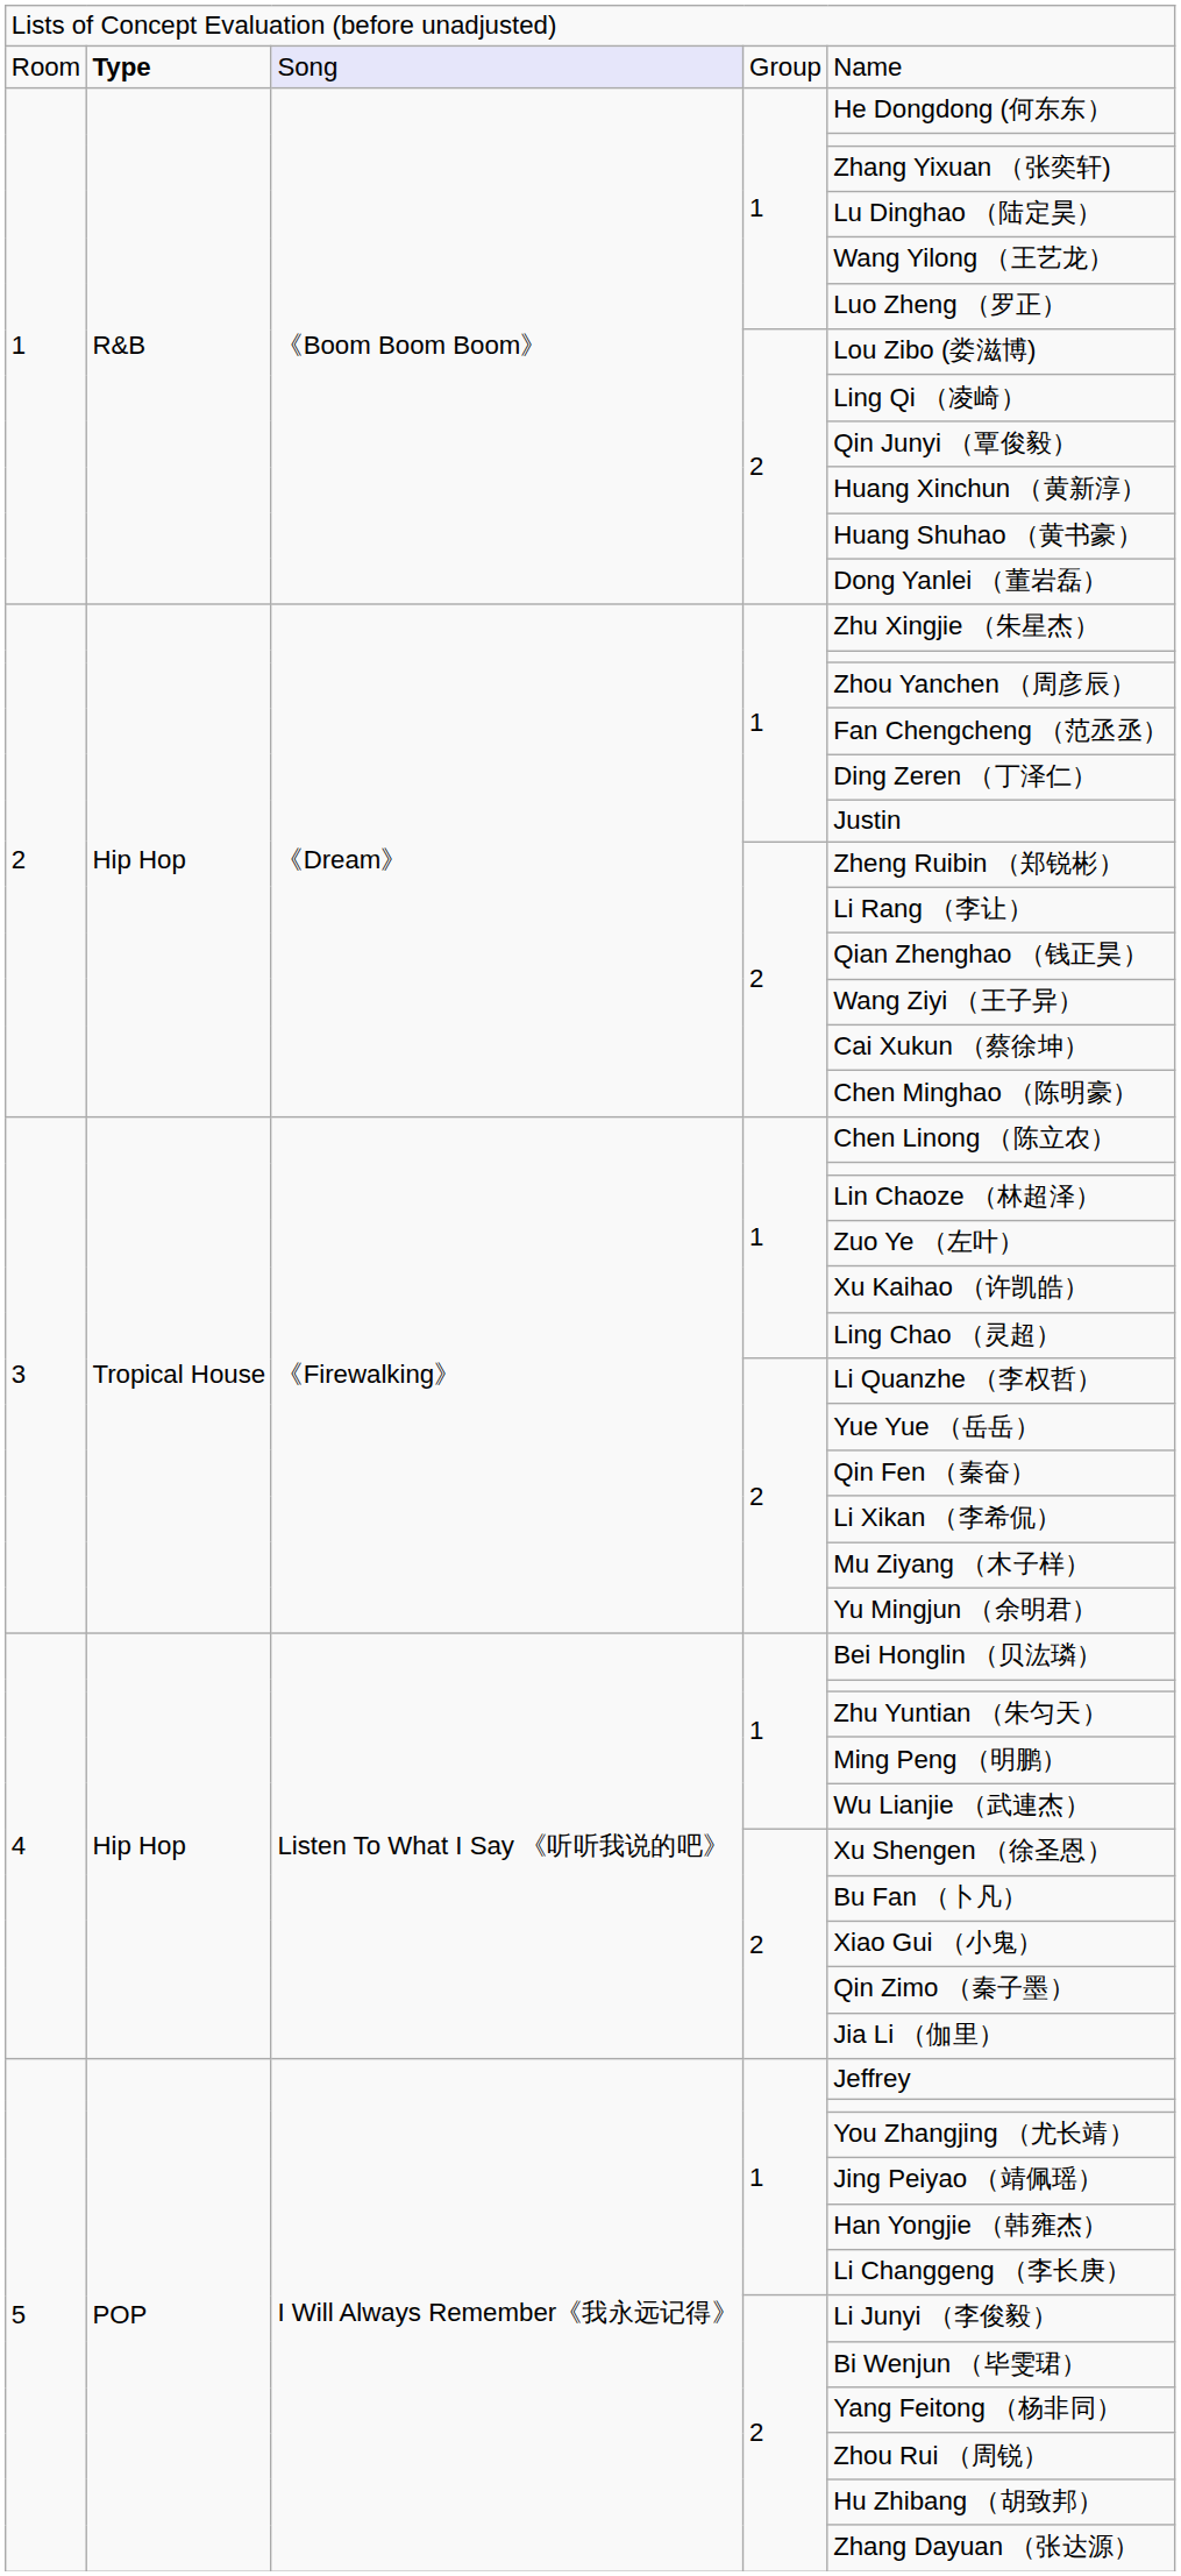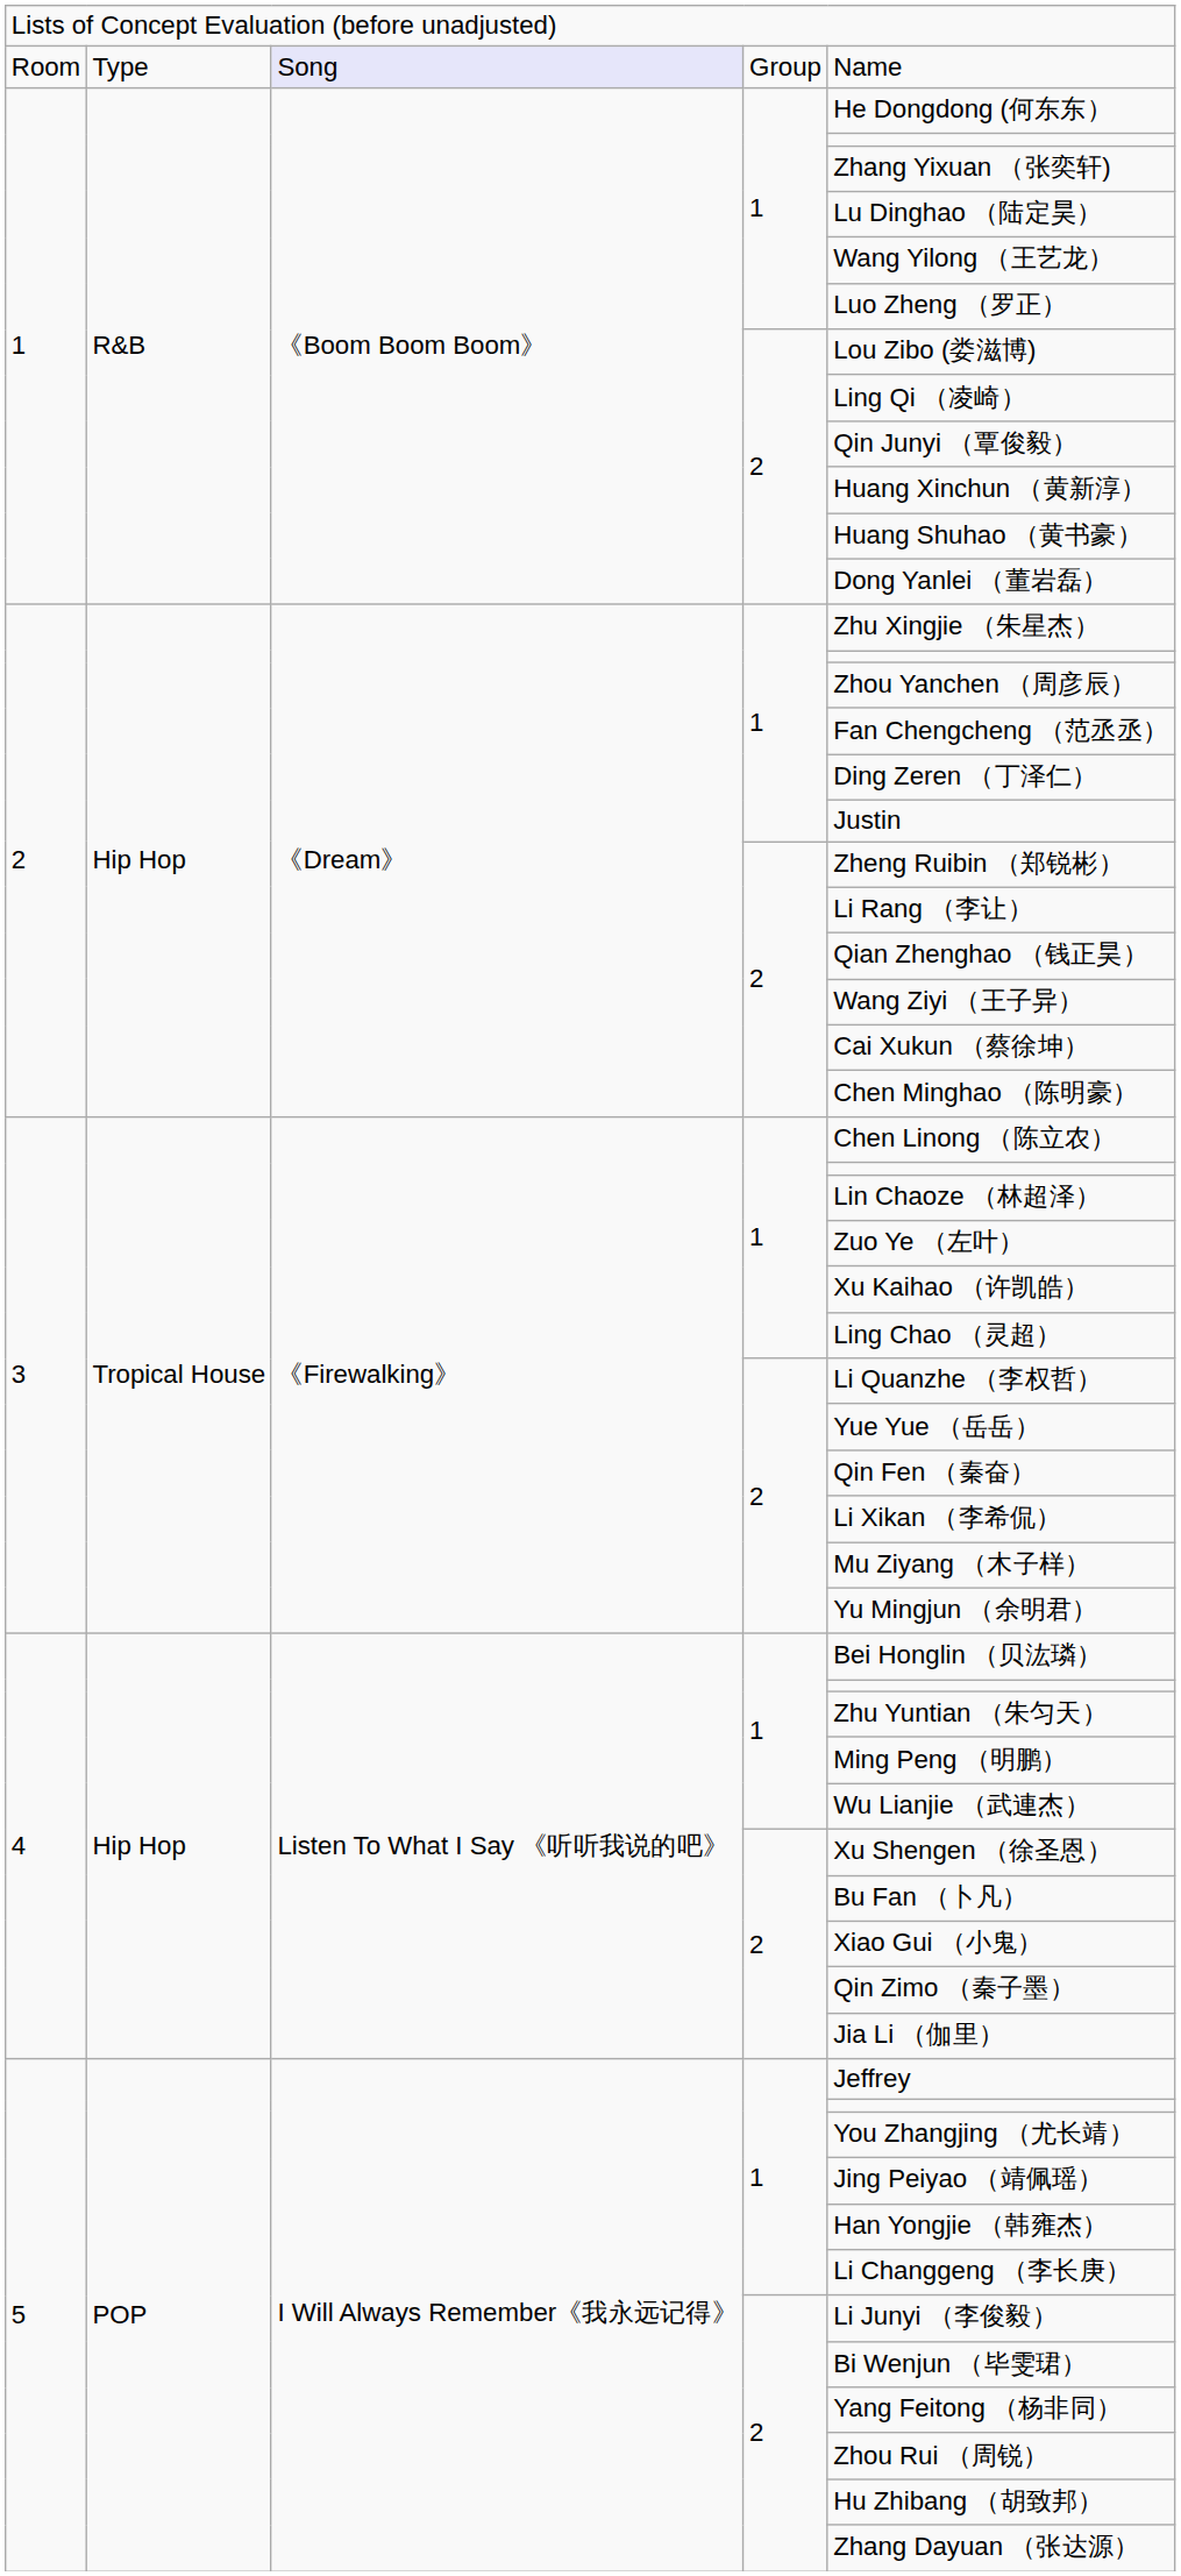 <table class="wikitable">
 <tr>
 <td colspan="5">Lists of Concept Evaluation (before unadjusted)</td>
 </tr>
 <tr>
 <td>Room</td>
-<td><strong>Type</strong></td>
+<td>Type</td>
 <td style="background: lavender;">Song</td>
 <td>Group</td>
 <td>Name</td>
 </tr>
 <tr>
 <td rowspan="12">1</td>
 <td rowspan="12">R&B</td>
 <td rowspan="12">《Boom Boom  Boom》</td>
 <td rowspan="6">1</td>
 <td>He Dongdong (何东东）</td>
 </tr>
 <tr>
 <td></td>
 </tr>
 <tr>
 <td>Zhang Yixuan （张奕轩)</td>
 </tr>
 <tr>
 <td>Lu Dinghao （陆定昊）</td>
 </tr>
 <tr>
 <td>Wang Yilong （王艺龙）</td>
 </tr>
 <tr>
 <td>Luo Zheng （罗正）</td>
 </tr>
 <tr>
 <td rowspan="6">2</td>
 <td>Lou Zibo  (娄滋博)</td>
 </tr>
 <tr>
 <td>Ling Qi （凌崎）</td>
 </tr>
 <tr>
 <td>Qin Junyi （覃俊毅）</td>
 </tr>
 <tr>
 <td>Huang Xinchun （黄新淳）</td>
 </tr>
 <tr>
 <td>Huang Shuhao （黄书豪）</td>
 </tr>
 <tr>
 <td>Dong Yanlei （董岩磊）</td>
 </tr>
 <tr>
 <td rowspan="12">2</td>
 <td rowspan="12">Hip Hop</td>
 <td rowspan="12">《Dream》</td>
 <td rowspan="6">1</td>
 <td>Zhu Xingjie （朱星杰）</td>
 </tr>
 <tr>
 <td></td>
 </tr>
 <tr>
 <td>Zhou Yanchen （周彦辰）</td>
 </tr>
 <tr>
 <td>Fan Chengcheng （范丞丞）</td>
 </tr>
 <tr>
 <td>Ding Zeren （丁泽仁）</td>
 </tr>
 <tr>
 <td>Justin</td>
 </tr>
 <tr>
 <td rowspan="6">2</td>
 <td>Zheng Ruibin （郑锐彬）</td>
 </tr>
 <tr>
 <td>Li Rang （李让）</td>
 </tr>
 <tr>
 <td>Qian Zhenghao （钱正昊）</td>
 </tr>
 <tr>
 <td>Wang Ziyi （王子异）</td>
 </tr>
 <tr>
 <td>Cai Xukun （蔡徐坤）</td>
 </tr>
 <tr>
 <td>Chen Minghao （陈明豪）</td>
 </tr>
 <tr>
 <td rowspan="12">3</td>
 <td rowspan="12">Tropical House</td>
 <td rowspan="12">《Firewalking》</td>
 <td rowspan="6">1</td>
 <td>Chen Linong （陈立农）</td>
 </tr>
 <tr>
 <td></td>
 </tr>
 <tr>
 <td>Lin Chaoze （林超泽）</td>
 </tr>
 <tr>
 <td>Zuo Ye （左叶）</td>
 </tr>
 <tr>
 <td>Xu Kaihao （许凯皓）</td>
 </tr>
 <tr>
 <td>Ling Chao （灵超）</td>
 </tr>
 <tr>
 <td rowspan="6">2</td>
 <td>Li Quanzhe （李权哲）</td>
 </tr>
 <tr>
 <td>Yue Yue （岳岳）</td>
 </tr>
 <tr>
 <td>Qin Fen （秦奋）</td>
 </tr>
 <tr>
 <td>Li Xikan （李希侃）</td>
 </tr>
 <tr>
 <td>Mu Ziyang （木子样）</td>
 </tr>
 <tr>
 <td>Yu Mingjun （余明君）</td>
 </tr>
 <tr>
 <td rowspan="10">4</td>
 <td rowspan="10">Hip Hop</td>
 <td rowspan="10">Listen To What I Say 《听听我说的吧》</td>
 <td rowspan="5">1</td>
 <td>Bei Honglin （贝汯璘）</td>
 </tr>
 <tr>
 <td></td>
 </tr>
 <tr>
 <td>Zhu Yuntian （朱匀天）</td>
 </tr>
 <tr>
 <td>Ming Peng （明鹏）</td>
 </tr>
 <tr>
 <td>Wu Lianjie （武連杰）</td>
 </tr>
 <tr>
 <td rowspan="5">2</td>
 <td>Xu Shengen （徐圣恩）</td>
 </tr>
 <tr>
 <td>Bu Fan （卜凡）</td>
 </tr>
 <tr>
 <td>Xiao Gui （小鬼）</td>
 </tr>
 <tr>
 <td>Qin Zimo （秦子墨）</td>
 </tr>
 <tr>
 <td>Jia Li （伽里）</td>
 </tr>
 <tr>
 <td rowspan="12">5</td>
 <td rowspan="12">POP</td>
 <td rowspan="12">I Will Always Remember《我永远记得》</td>
 <td rowspan="6">1</td>
 <td>Jeffrey</td>
 </tr>
 <tr>
 <td></td>
 </tr>
 <tr>
 <td>You Zhangjing （尤长靖）</td>
 </tr>
 <tr>
 <td>Jing Peiyao （靖佩瑶）</td>
 </tr>
 <tr>
 <td>Han Yongjie （韩雍杰）</td>
 </tr>
 <tr>
 <td>Li Changgeng （李长庚）</td>
 </tr>
 <tr>
 <td rowspan="6">2</td>
 <td>Li Junyi （李俊毅）</td>
 </tr>
 <tr>
 <td>Bi Wenjun （毕雯珺）</td>
 </tr>
 <tr>
 <td>Yang Feitong （杨非同）</td>
 </tr>
 <tr>
 <td>Zhou Rui （周锐）</td>
 </tr>
 <tr>
 <td>Hu Zhibang （胡致邦）</td>
 </tr>
 <tr>
 <td>Zhang Dayuan （张达源）</td>
 </tr>
 </table>
